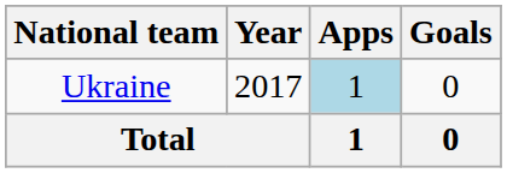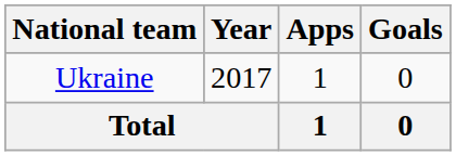 <table class="wikitable" style="text-align:center">
 <tr>
 <th>National team</th>
 <th>Year</th>
 <th>Apps</th>
 <th>Goals</th>
 </tr>
 <tr>
 <td><a href='#'>Ukraine</a></td>
 <td>2017</td>
-<td style="background: lightblue;">1</td>
+<td>1</td>
 <td>0</td>
 </tr>
 <tr>
 <th colspan="2">Total</th>
 <th>1</th>
 <th>0</th>
 </tr>
 </table>
